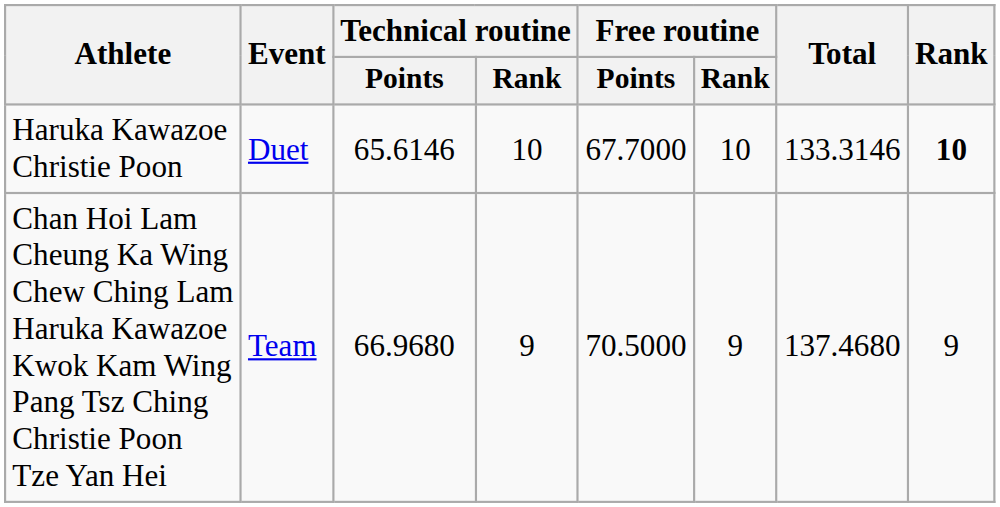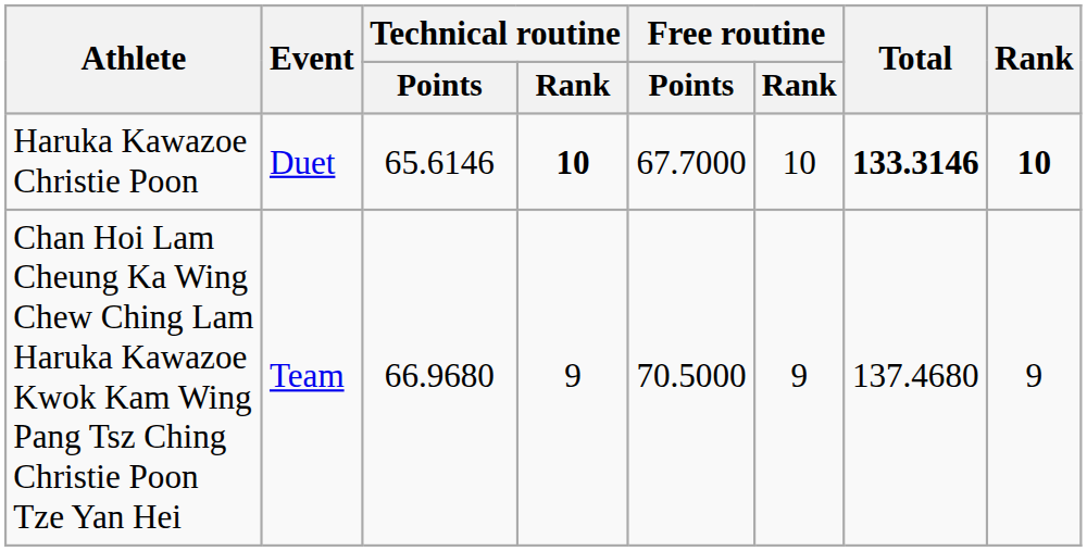 <table class=wikitable style=font-size:90%;text-align:center>
 <tr>
 <th rowspan="2">Athlete</th>
 <th rowspan="2">Event</th>
 <th colspan="2">Technical routine</th>
 <th colspan="2">Free routine</th>
 <th rowspan="2">Total</th>
 <th rowspan="2">Rank</th>
 </tr>
 <tr style="font-size:95%">
 <th>Points</th>
 <th>Rank</th>
 <th>Points</th>
 <th>Rank</th>
 </tr>
 <tr>
 <td align=left>Haruka Kawazoe<br>Christie Poon</td>
 <td align=left><a href='#'>Duet</a></td>
 <td>65.6146</td>
-<td>10</td>
+<td><strong>10</strong></td>
 <td>67.7000</td>
 <td>10</td>
-<td>133.3146</td>
+<td><strong>133.3146</strong></td>
 <td><strong>10</strong></td>
 </tr>
 <tr>
 <td align=left>Chan Hoi Lam<br>Cheung Ka Wing<br>Chew Ching Lam<br>Haruka Kawazoe<br>Kwok Kam Wing<br>Pang Tsz Ching<br>Christie Poon<br>Tze Yan Hei</td>
 <td align=left><a href='#'>Team</a></td>
 <td>66.9680</td>
 <td>9</td>
 <td>70.5000</td>
 <td>9</td>
 <td>137.4680</td>
 <td>9</td>
 </tr>
 </table>
